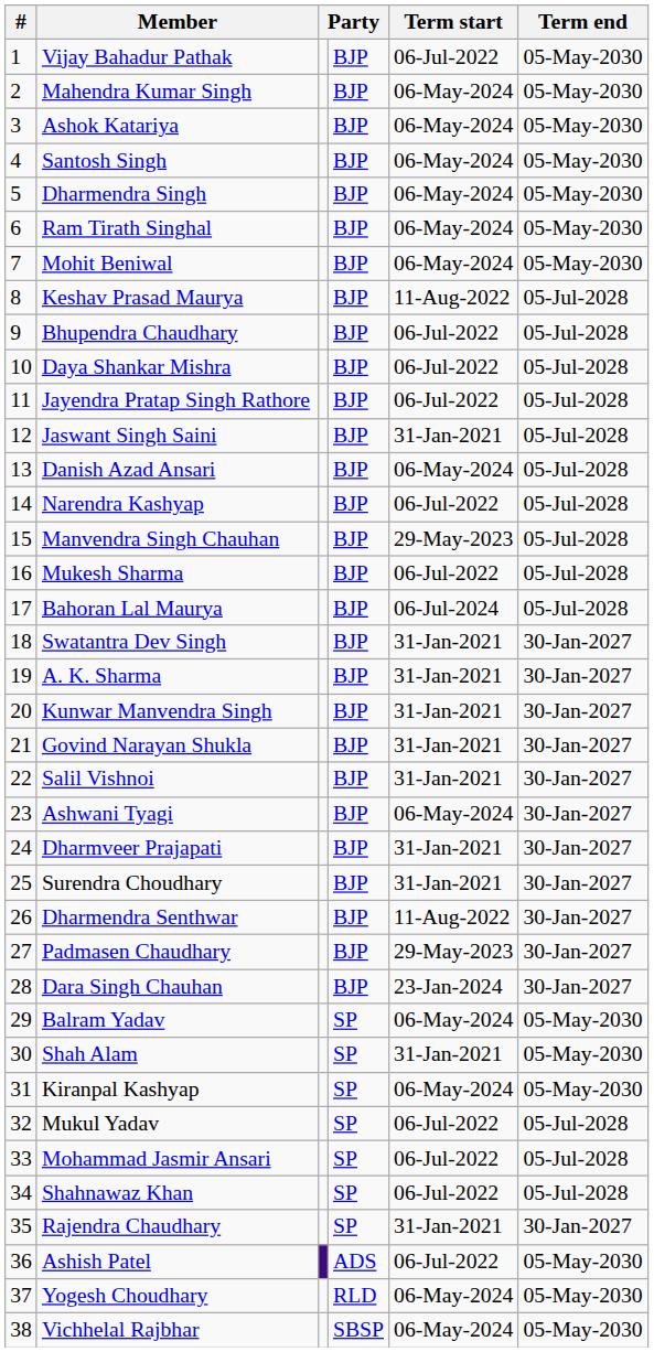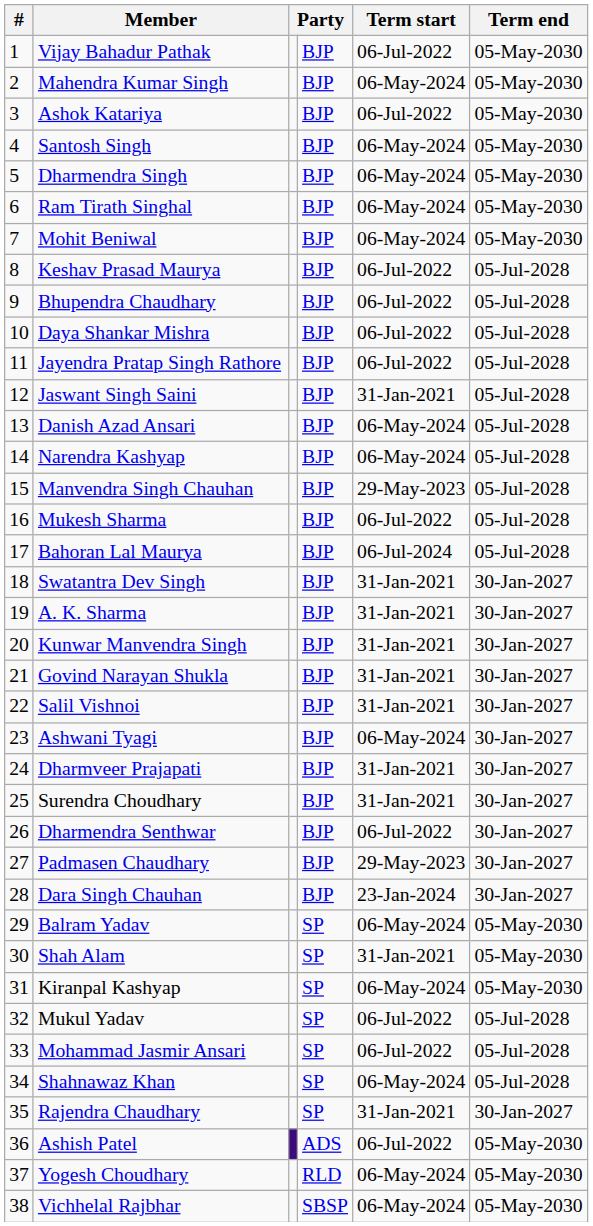 <table class="wikitable sortable">
 <tr>
 <th>#</th>
 <th style="width:200px">Member</th>
 <th colspan="2">Party</th>
 <th>Term start</th>
 <th>Term end</th>
 </tr>
 <tr>
 <td>1</td>
 <td><a href='#'>Vijay Bahadur Pathak</a></td>
 <td></td>
 <td><a href='#'>BJP</a></td>
 <td>06-Jul-2022</td>
 <td>05-May-2030</td>
 </tr>
 <tr>
 <td>2</td>
 <td><a href='#'>Mahendra Kumar Singh</a></td>
 <td></td>
 <td><a href='#'>BJP</a></td>
 <td>06-May-2024</td>
 <td>05-May-2030</td>
 </tr>
 <tr>
 <td>3</td>
 <td><a href='#'>Ashok Katariya</a></td>
 <td></td>
 <td><a href='#'>BJP</a></td>
-<td>06-May-2024</td>
+<td>06-Jul-2022</td>
 <td>05-May-2030</td>
 </tr>
 <tr>
 <td>4</td>
 <td><a href='#'>Santosh Singh</a></td>
 <td></td>
 <td><a href='#'>BJP</a></td>
 <td>06-May-2024</td>
 <td>05-May-2030</td>
 </tr>
 <tr>
 <td>5</td>
 <td><a href='#'>Dharmendra Singh</a></td>
 <td></td>
 <td><a href='#'>BJP</a></td>
 <td>06-May-2024</td>
 <td>05-May-2030</td>
 </tr>
 <tr>
 <td>6</td>
 <td><a href='#'>Ram Tirath Singhal</a></td>
 <td></td>
 <td><a href='#'>BJP</a></td>
 <td>06-May-2024</td>
 <td>05-May-2030</td>
 </tr>
 <tr>
 <td>7</td>
 <td><a href='#'>Mohit Beniwal</a></td>
 <td></td>
 <td><a href='#'>BJP</a></td>
 <td>06-May-2024</td>
 <td>05-May-2030</td>
 </tr>
 <tr>
 <td>8</td>
 <td><a href='#'>Keshav Prasad Maurya</a></td>
 <td></td>
 <td><a href='#'>BJP</a></td>
-<td>11-Aug-2022</td>
+<td>06-Jul-2022</td>
 <td>05-Jul-2028</td>
 </tr>
 <tr>
 <td>9</td>
 <td><a href='#'>Bhupendra Chaudhary</a></td>
 <td></td>
 <td><a href='#'>BJP</a></td>
 <td>06-Jul-2022</td>
 <td>05-Jul-2028</td>
 </tr>
 <tr>
 <td>10</td>
 <td><a href='#'>Daya Shankar Mishra</a></td>
 <td></td>
 <td><a href='#'>BJP</a></td>
 <td>06-Jul-2022</td>
 <td>05-Jul-2028</td>
 </tr>
 <tr>
 <td>11</td>
 <td><a href='#'>Jayendra Pratap Singh Rathore</a></td>
 <td></td>
 <td><a href='#'>BJP</a></td>
 <td>06-Jul-2022</td>
 <td>05-Jul-2028</td>
 </tr>
 <tr>
 <td>12</td>
 <td><a href='#'>Jaswant Singh Saini</a></td>
 <td></td>
 <td><a href='#'>BJP</a></td>
 <td>31-Jan-2021</td>
 <td>05-Jul-2028</td>
 </tr>
 <tr>
 <td>13</td>
 <td><a href='#'>Danish Azad Ansari</a></td>
 <td></td>
 <td><a href='#'>BJP</a></td>
 <td>06-May-2024</td>
 <td>05-Jul-2028</td>
 </tr>
 <tr>
 <td>14</td>
 <td><a href='#'>Narendra Kashyap</a></td>
 <td></td>
 <td><a href='#'>BJP</a></td>
-<td>06-Jul-2022</td>
+<td>06-May-2024</td>
 <td>05-Jul-2028</td>
 </tr>
 <tr>
 <td>15</td>
 <td><a href='#'>Manvendra Singh Chauhan</a></td>
 <td></td>
 <td><a href='#'>BJP</a></td>
 <td>29-May-2023</td>
 <td>05-Jul-2028</td>
 </tr>
 <tr>
 <td>16</td>
 <td><a href='#'>Mukesh Sharma</a></td>
 <td></td>
 <td><a href='#'>BJP</a></td>
 <td>06-Jul-2022</td>
 <td>05-Jul-2028</td>
 </tr>
 <tr>
 <td>17</td>
 <td><a href='#'>Bahoran Lal Maurya</a></td>
 <td></td>
 <td><a href='#'>BJP</a></td>
 <td>06-Jul-2024</td>
 <td>05-Jul-2028</td>
 </tr>
 <tr>
 <td>18</td>
 <td><a href='#'>Swatantra Dev Singh</a></td>
 <td></td>
 <td><a href='#'>BJP</a></td>
 <td>31-Jan-2021</td>
 <td>30-Jan-2027</td>
 </tr>
 <tr>
 <td>19</td>
 <td><a href='#'>A. K. Sharma</a></td>
 <td></td>
 <td><a href='#'>BJP</a></td>
 <td>31-Jan-2021</td>
 <td>30-Jan-2027</td>
 </tr>
 <tr>
 <td>20</td>
 <td><a href='#'>Kunwar Manvendra Singh</a></td>
 <td></td>
 <td><a href='#'>BJP</a></td>
 <td>31-Jan-2021</td>
 <td>30-Jan-2027</td>
 </tr>
 <tr>
 <td>21</td>
 <td><a href='#'>Govind Narayan Shukla</a></td>
 <td></td>
 <td><a href='#'>BJP</a></td>
 <td>31-Jan-2021</td>
 <td>30-Jan-2027</td>
 </tr>
 <tr>
 <td>22</td>
 <td><a href='#'>Salil Vishnoi</a></td>
 <td></td>
 <td><a href='#'>BJP</a></td>
 <td>31-Jan-2021</td>
 <td>30-Jan-2027</td>
 </tr>
 <tr>
 <td>23</td>
 <td><a href='#'>Ashwani Tyagi</a></td>
 <td></td>
 <td><a href='#'>BJP</a></td>
 <td>06-May-2024</td>
 <td>30-Jan-2027</td>
 </tr>
 <tr>
 <td>24</td>
 <td><a href='#'>Dharmveer Prajapati</a></td>
 <td></td>
 <td><a href='#'>BJP</a></td>
 <td>31-Jan-2021</td>
 <td>30-Jan-2027</td>
 </tr>
 <tr>
 <td>25</td>
 <td>Surendra Choudhary</td>
 <td></td>
 <td><a href='#'>BJP</a></td>
 <td>31-Jan-2021</td>
 <td>30-Jan-2027</td>
 </tr>
 <tr>
 <td>26</td>
 <td><a href='#'>Dharmendra Senthwar</a></td>
 <td></td>
 <td><a href='#'>BJP</a></td>
-<td>11-Aug-2022</td>
+<td>06-Jul-2022</td>
 <td>30-Jan-2027</td>
 </tr>
 <tr>
 <td>27</td>
 <td><a href='#'>Padmasen Chaudhary</a></td>
 <td></td>
 <td><a href='#'>BJP</a></td>
 <td>29-May-2023</td>
 <td>30-Jan-2027</td>
 </tr>
 <tr>
 <td>28</td>
 <td><a href='#'>Dara Singh Chauhan</a></td>
 <td></td>
 <td><a href='#'>BJP</a></td>
 <td>23-Jan-2024</td>
 <td>30-Jan-2027</td>
 </tr>
 <tr>
 <td>29</td>
 <td><a href='#'>Balram Yadav</a></td>
 <td></td>
 <td><a href='#'>SP</a></td>
 <td>06-May-2024</td>
 <td>05-May-2030</td>
 </tr>
 <tr>
 <td>30</td>
 <td><a href='#'>Shah Alam</a></td>
 <td></td>
 <td><a href='#'>SP</a></td>
 <td>31-Jan-2021</td>
 <td>05-May-2030</td>
 </tr>
 <tr>
 <td>31</td>
 <td>Kiranpal Kashyap</td>
 <td></td>
 <td><a href='#'>SP</a></td>
 <td>06-May-2024</td>
 <td>05-May-2030</td>
 </tr>
 <tr>
 <td>32</td>
 <td>Mukul Yadav</td>
 <td></td>
 <td><a href='#'>SP</a></td>
 <td>06-Jul-2022</td>
 <td>05-Jul-2028</td>
 </tr>
 <tr>
 <td>33</td>
 <td><a href='#'>Mohammad Jasmir Ansari</a></td>
 <td></td>
 <td><a href='#'>SP</a></td>
 <td>06-Jul-2022</td>
 <td>05-Jul-2028</td>
 </tr>
 <tr>
 <td>34</td>
 <td><a href='#'>Shahnawaz Khan</a></td>
 <td></td>
 <td><a href='#'>SP</a></td>
-<td>06-Jul-2022</td>
+<td>06-May-2024</td>
 <td>05-Jul-2028</td>
 </tr>
 <tr>
 <td>35</td>
 <td><a href='#'>Rajendra Chaudhary</a></td>
 <td></td>
 <td><a href='#'>SP</a></td>
 <td>31-Jan-2021</td>
 <td>30-Jan-2027</td>
 </tr>
 <tr>
 <td>36</td>
 <td><a href='#'>Ashish Patel</a></td>
 <td bgcolor="#3C0A7A"></td>
 <td><a href='#'>ADS</a></td>
 <td>06-Jul-2022</td>
 <td>05-May-2030</td>
 </tr>
 <tr>
 <td>37</td>
 <td><a href='#'>Yogesh Choudhary</a></td>
 <td style="background-color: "></td>
 <td><a href='#'>RLD</a></td>
 <td>06-May-2024</td>
 <td>05-May-2030</td>
 </tr>
 <tr>
 <td>38</td>
 <td><a href='#'>Vichhelal Rajbhar</a></td>
 <td style="background-color: "></td>
 <td><a href='#'>SBSP</a></td>
 <td>06-May-2024</td>
 <td>05-May-2030</td>
 </tr>
 </table>
